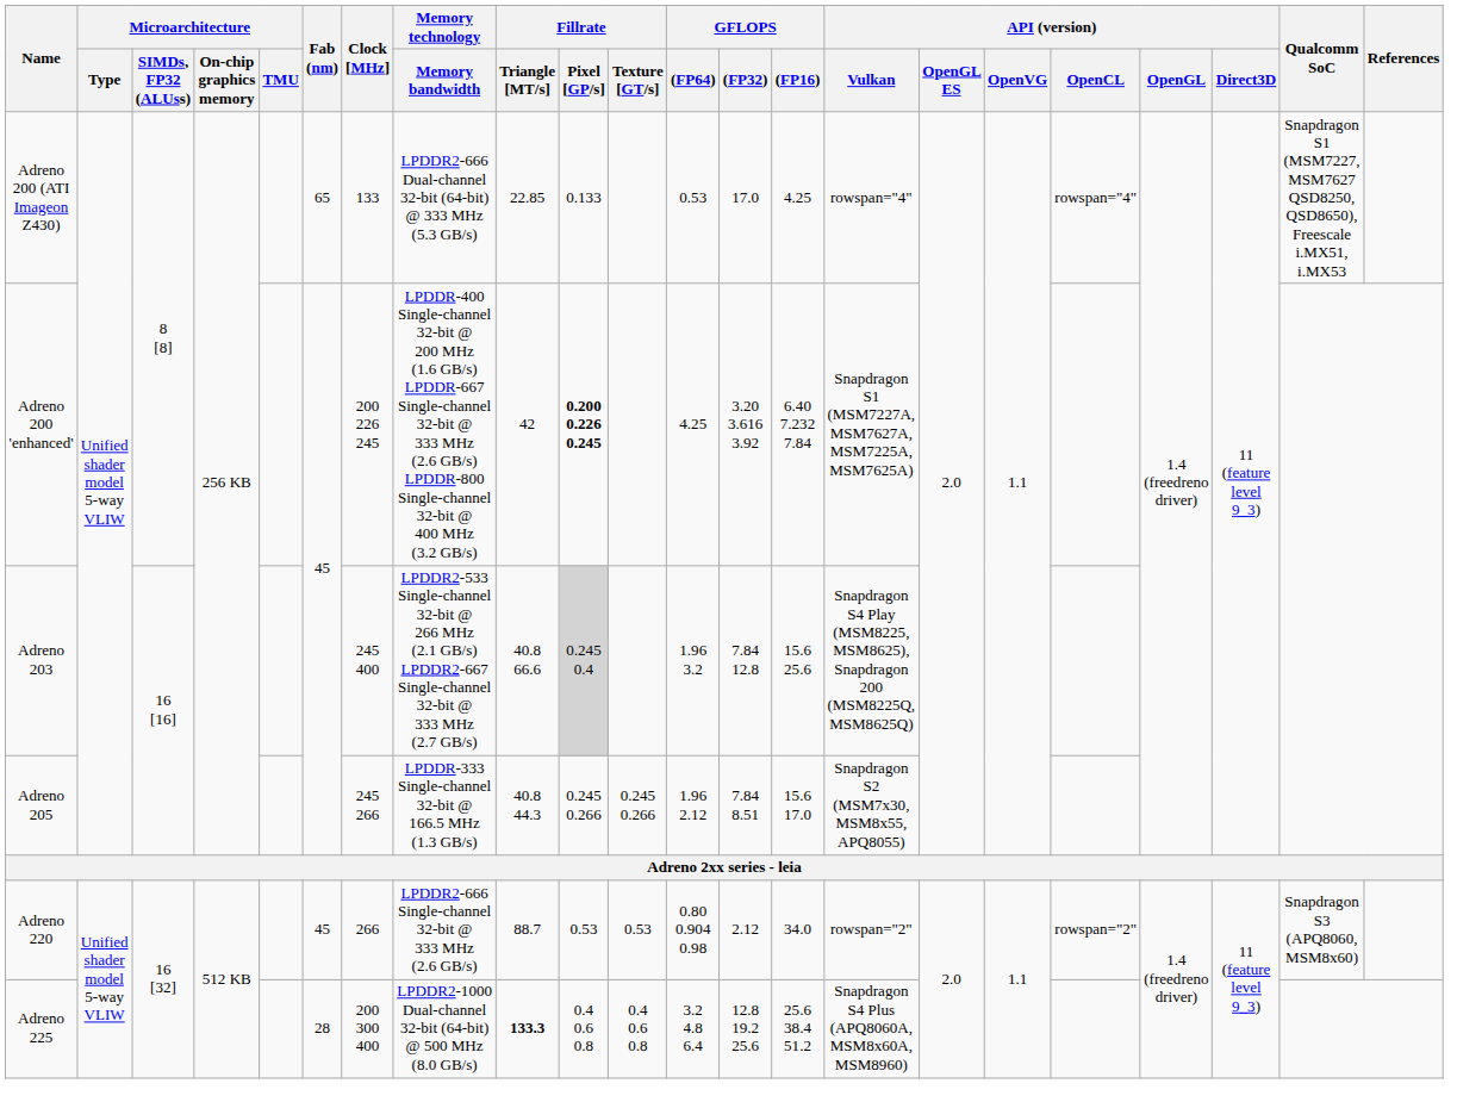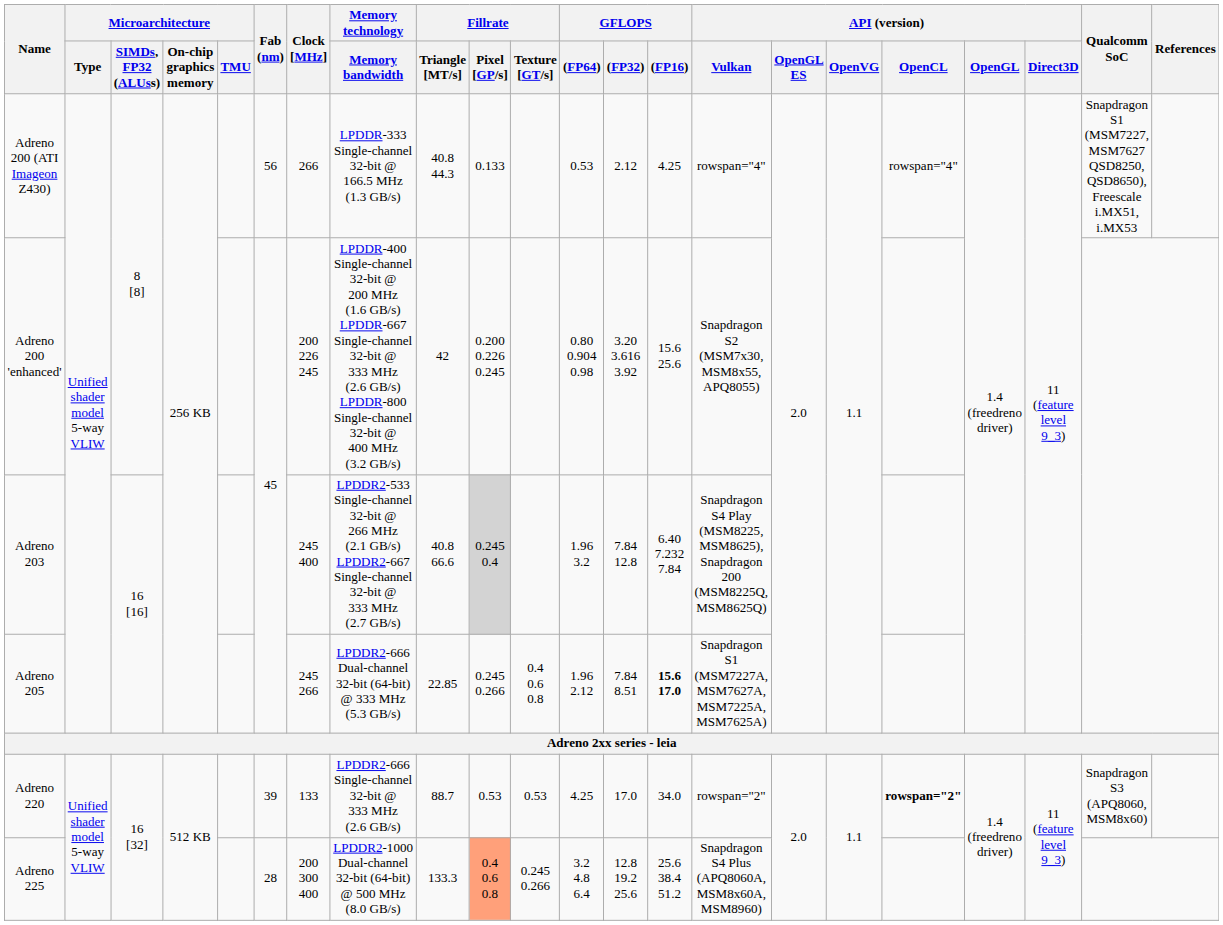 <table class="wikitable" style="font-size: 85%; text-align: center">
 <tr>
 <th rowspan="2">Name</th>
 <th colspan="4"><a href='#'>Microarchitecture</a></th>
 <th rowspan="2">Fab (<a href='#'>nm</a>)</th>
 <th rowspan="2">Clock [<a href='#'>MHz</a>]</th>
 <th><a href='#'>Memory technology</a></th>
 <th colspan="3"><a href='#'>Fillrate</a></th>
 <th colspan="3"><a href='#'>GFLOPS</a></th>
 <th colspan="6"><a href='#'>API</a> (version)</th>
 <th rowspan="2">Qualcomm SoC</th>
 <th rowspan="2">References</th>
 </tr>
 <tr>
 <th>Type</th>
 <th><a href='#'>SIMDs</a>, <a href='#'>FP32</a><br>(<a href='#'>ALUs</a>s)<br></th>
 <th>On-chip graphics memory</th>
 <th><a href='#'>TMU</a></th>
 <th><a href='#'>Memory bandwidth</a></th>
 <th>Triangle<br>[MT/s]</th>
 <th>Pixel<br>[<a href='#'>GP</a>/s]</th>
 <th>Texture<br>[<a href='#'>GT</a>/s]</th>
 <th>(<a href='#'>FP64</a>)</th>
 <th>(<a href='#'>FP32</a>)</th>
 <th>(<a href='#'>FP16</a>)</th>
 <th><a href='#'>Vulkan</a></th>
 <th><a href='#'>OpenGL ES</a></th>
 <th><a href='#'>OpenVG</a></th>
 <th><a href='#'>OpenCL</a></th>
 <th><a href='#'>OpenGL</a></th>
 <th><a href='#'>Direct3D</a></th>
 </tr>
 <tr>
 <td>Adreno 200 (ATI <a href='#'>Imageon</a> Z430)</td>
 <td rowspan="4"><a href='#'>Unified shader model</a><br>5-way <a href='#'>VLIW</a></td>
 <td rowspan="2">8<br>[8]</td>
 <td rowspan="4">256 KB</td>
 <td></td>
-<td>65</td>
-<td>133</td>
-<td><a href='#'>LPDDR2</a>-666 Dual-channel 32-bit (64-bit) @ 333 MHz (5.3 GB/s)</td>
-<td>22.85</td>
+<td>56</td>
+<td>266</td>
+<td><a href='#'>LPDDR</a>-333 Single-channel 32-bit @ 166.5 MHz (1.3 GB/s)</td>
+<td>40.8<br>44.3</td>
 <td>0.133</td>
 <td></td>
 <td>0.53</td>
-<td>17.0</td>
+<td>2.12</td>
 <td>4.25</td>
 <td>rowspan="4" </td>
 <td rowspan="4">2.0</td>
 <td rowspan="4">1.1</td>
 <td>rowspan="4" </td>
 <td rowspan="4">1.4 (freedreno driver)</td>
 <td rowspan="4">11 <br>(<a href='#'>feature level 9_3</a>)</td>
 <td>Snapdragon S1 (MSM7227, MSM7627 QSD8250, QSD8650), Freescale i.MX51, i.MX53</td>
 <td></td>
 </tr>
 <tr>
 <td>Adreno 200 'enhanced'</td>
 <td></td>
 <td rowspan="3">45</td>
 <td>200<br>226<br>245</td>
 <td><a href='#'>LPDDR</a>-400 Single-channel 32-bit @ 200 MHz (1.6 GB/s)<br><a href='#'>LPDDR</a>-667 Single-channel 32-bit @ 333 MHz (2.6 GB/s)<br><a href='#'>LPDDR</a>-800 Single-channel 32-bit @ 400 MHz (3.2 GB/s)</td>
 <td>42</td>
-<td><strong>0.200<br>0.226<br>0.245</strong></td>
+<td>0.200<br>0.226<br>0.245</td>
 <td></td>
-<td>4.25</td>
+<td>0.80<br>0.904<br>0.98</td>
 <td>3.20<br>3.616<br>3.92</td>
-<td>6.40<br>7.232<br>7.84</td>
-<td>Snapdragon S1 (MSM7227A, MSM7627A, MSM7225A, MSM7625A)</td>
+<td>15.6<br>25.6</td>
+<td>Snapdragon S2 (MSM7x30, MSM8x55, APQ8055)</td>
 <td></td>
 </tr>
 <tr>
 <td>Adreno 203</td>
 <td rowspan="2">16<br>[16]</td>
 <td></td>
 <td>245<br>400</td>
 <td><a href='#'>LPDDR2</a>-533 Single-channel 32-bit @ 266 MHz (2.1 GB/s)<br><a href='#'>LPDDR2</a>-667 Single-channel 32-bit @ 333 MHz (2.7 GB/s)</td>
 <td>40.8<br>66.6</td>
 <td style="background: lightgrey;">0.245<br>0.4</td>
 <td></td>
 <td>1.96<br>3.2</td>
 <td>7.84<br>12.8</td>
-<td>15.6<br>25.6</td>
+<td>6.40<br>7.232<br>7.84</td>
 <td>Snapdragon S4 Play (MSM8225, MSM8625), Snapdragon 200 (MSM8225Q, MSM8625Q)</td>
 <td></td>
 </tr>
 <tr>
 <td>Adreno 205</td>
 <td></td>
 <td>245<br>266</td>
-<td><a href='#'>LPDDR</a>-333 Single-channel 32-bit @ 166.5 MHz (1.3 GB/s)</td>
-<td>40.8<br>44.3</td>
+<td><a href='#'>LPDDR2</a>-666 Dual-channel 32-bit (64-bit) @ 333 MHz (5.3 GB/s)</td>
+<td>22.85</td>
 <td>0.245<br>0.266</td>
-<td>0.245<br>0.266</td>
+<td>0.4<br>0.6<br>0.8</td>
 <td>1.96<br>2.12</td>
 <td>7.84<br>8.51</td>
-<td>15.6<br>17.0</td>
-<td>Snapdragon S2 (MSM7x30, MSM8x55, APQ8055)</td>
+<td><strong>15.6<br>17.0</strong></td>
+<td>Snapdragon S1 (MSM7227A, MSM7627A, MSM7225A, MSM7625A)</td>
 <td></td>
 </tr>
 <tr>
 <th colspan="22">Adreno 2xx series - leia</th>
 </tr>
 <tr>
 <td>Adreno 220</td>
 <td rowspan="2"><a href='#'>Unified shader model</a><br>5-way <a href='#'>VLIW</a></td>
 <td rowspan="2">16<br>[32]</td>
 <td rowspan="2">512 KB</td>
 <td></td>
-<td>45</td>
-<td>266</td>
+<td>39</td>
+<td>133</td>
 <td><a href='#'>LPDDR2</a>-666 Single-channel 32-bit @ 333 MHz (2.6 GB/s)</td>
 <td>88.7</td>
 <td>0.53</td>
 <td>0.53</td>
-<td>0.80<br>0.904<br>0.98</td>
-<td>2.12</td>
+<td>4.25</td>
+<td>17.0</td>
 <td>34.0</td>
 <td>rowspan="2" </td>
 <td rowspan="2">2.0</td>
 <td rowspan="2">1.1</td>
-<td>rowspan="2" </td>
+<td><strong>rowspan="2" </strong></td>
 <td rowspan="2">1.4 (freedreno driver)</td>
 <td rowspan="2">11 <br>(<a href='#'>feature level 9_3</a>)</td>
 <td>Snapdragon S3 (APQ8060, MSM8x60)</td>
 <td></td>
 </tr>
 <tr>
 <td>Adreno 225</td>
 <td></td>
 <td>28</td>
 <td>200<br>300<br>400</td>
 <td><a href='#'>LPDDR2</a>-1000 Dual-channel 32-bit (64-bit) @ 500 MHz (8.0 GB/s)</td>
-<td><strong>133.3</strong></td>
-<td>0.4<br>0.6<br>0.8</td>
-<td>0.4<br>0.6<br>0.8</td>
+<td>133.3</td>
+<td style="background: lightsalmon;">0.4<br>0.6<br>0.8</td>
+<td>0.245<br>0.266</td>
 <td>3.2<br>4.8<br>6.4</td>
 <td>12.8<br>19.2<br>25.6</td>
 <td>25.6<br>38.4<br>51.2</td>
 <td>Snapdragon S4 Plus (APQ8060A, MSM8x60A, MSM8960)</td>
 <td></td>
 </tr>
 </table>
